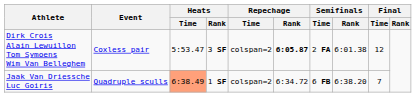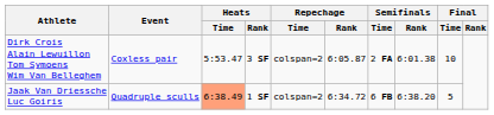 <table class="wikitable" style="font-size:90%">
 <tr>
 <th rowspan="2">Athlete</th>
 <th rowspan="2">Event</th>
 <th colspan="2">Heats</th>
 <th colspan="2">Repechage</th>
 <th colspan="2">Semifinals</th>
 <th colspan="2">Final</th>
 </tr>
 <tr style="font-size:95%">
 <th>Time</th>
 <th>Rank</th>
 <th>Time</th>
 <th>Rank</th>
 <th>Time</th>
 <th>Rank</th>
 <th>Time</th>
 <th>Rank</th>
 </tr>
 <tr align=center>
 <td align=left><a href='#'>Dirk Crois</a><br><a href='#'>Alain Lewuillon</a><br><a href='#'>Tom Symoens</a><br><a href='#'>Wim Van Belleghem</a></td>
 <td align=left><a href='#'>Coxless pair</a></td>
 <td>5:53.47</td>
 <td>3 <strong>SF</strong></td>
 <td>colspan=2</td>
-<td><strong>6:05.87</strong></td>
+<td>6:05.87</td>
 <td>2 <strong>FA</strong></td>
 <td>6:01.38</td>
-<td>12</td>
+<td>10</td>
 </tr>
 <tr align=center>
 <td align=left><a href='#'>Jaak Van Driessche</a><br><a href='#'>Luc Goiris</a></td>
 <td align=left><a href='#'>Quadruple sculls</a></td>
 <td style="background: lightsalmon;">6:38.49</td>
 <td>1 <strong>SF</strong></td>
 <td>colspan=2</td>
 <td>6:34.72</td>
 <td>6 <strong>FB</strong></td>
 <td>6:38.20</td>
-<td>7</td>
+<td>5</td>
 </tr>
 </table>
